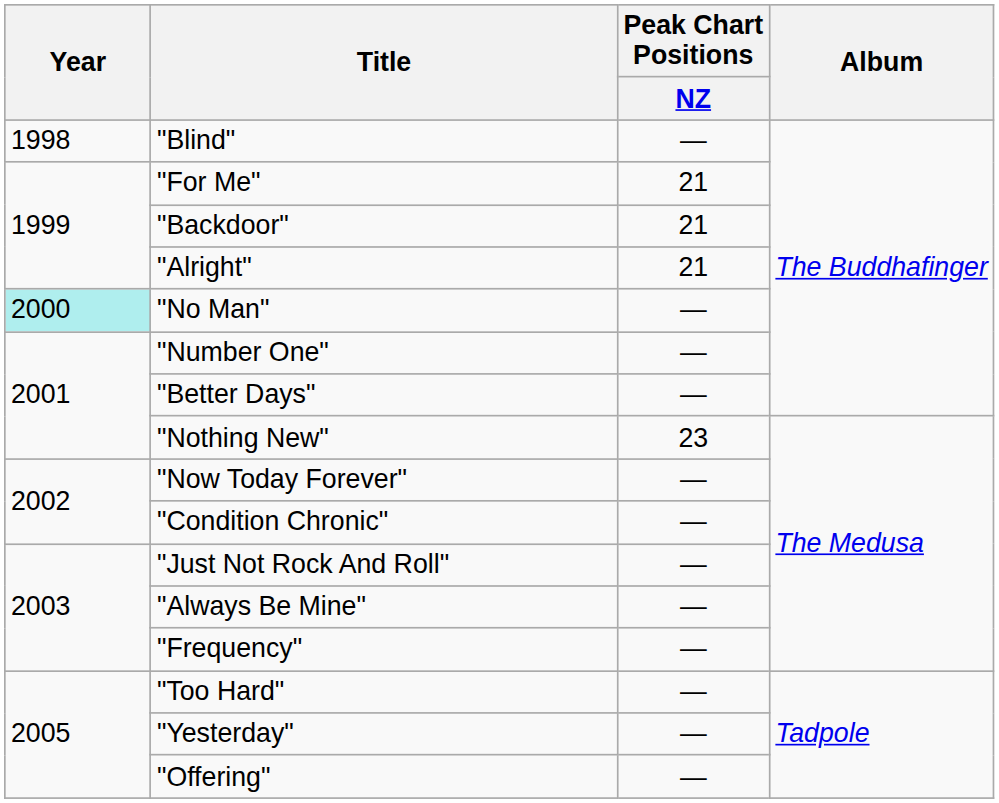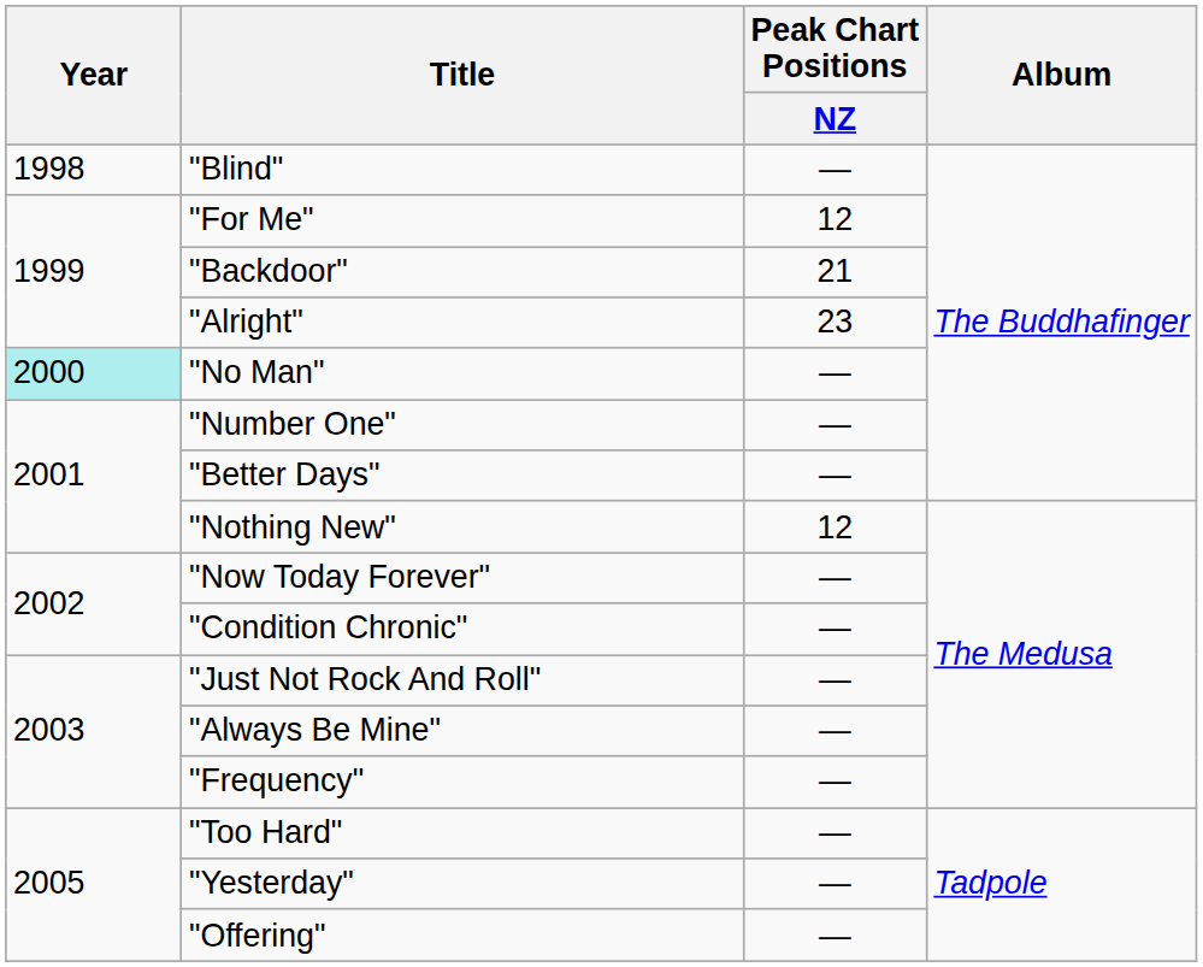 <table class="wikitable">
 <tr>
 <th scope="col" rowspan="2" style="width:5em;">Year</th>
 <th scope="col" rowspan="2" style="width:17em;">Title</th>
 <th>Peak Chart<br>Positions</th>
 <th rowspan=2>Album</th>
 </tr>
 <tr>
 <th><a href='#'>NZ</a></th>
 </tr>
 <tr>
 <td>1998</td>
 <td>"Blind"</td>
 <td align="center">—</td>
 <td rowspan="7"><em><a href='#'>The Buddhafinger</a></em></td>
 </tr>
 <tr>
 <td rowspan="3">1999</td>
 <td>"For Me"</td>
-<td align="center">21</td>
+<td align="center">12</td>
 </tr>
 <tr>
 <td>"Backdoor"</td>
 <td align="center">21</td>
 </tr>
 <tr>
 <td>"Alright"</td>
-<td align="center">21</td>
+<td align="center">23</td>
 </tr>
 <tr>
 <td style="background: paleturquoise;">2000</td>
 <td>"No Man"</td>
 <td align="center">—</td>
 </tr>
 <tr>
 <td rowspan="3">2001</td>
 <td>"Number One"</td>
 <td align="center">—</td>
 </tr>
 <tr>
 <td>"Better Days"</td>
 <td align="center">—</td>
 </tr>
 <tr>
 <td>"Nothing New"</td>
-<td align="center">23</td>
+<td align="center">12</td>
 <td rowspan="6"><em><a href='#'>The Medusa</a></em></td>
 </tr>
 <tr>
 <td rowspan="2">2002</td>
 <td>"Now Today Forever"</td>
 <td align="center">—</td>
 </tr>
 <tr>
 <td>"Condition Chronic"</td>
 <td align="center">—</td>
 </tr>
 <tr>
 <td rowspan="3">2003</td>
 <td>"Just Not Rock And Roll"</td>
 <td align="center">—</td>
 </tr>
 <tr>
 <td>"Always Be Mine"</td>
 <td align="center">—</td>
 </tr>
 <tr>
 <td>"Frequency"</td>
 <td align="center">—</td>
 </tr>
 <tr>
 <td rowspan="3">2005</td>
 <td>"Too Hard"</td>
 <td align="center">—</td>
 <td rowspan="3"><em><a href='#'>Tadpole</a></em></td>
 </tr>
 <tr>
 <td>"Yesterday"</td>
 <td align="center">—</td>
 </tr>
 <tr>
 <td>"Offering"</td>
 <td align="center">—</td>
 </tr>
 </table>
